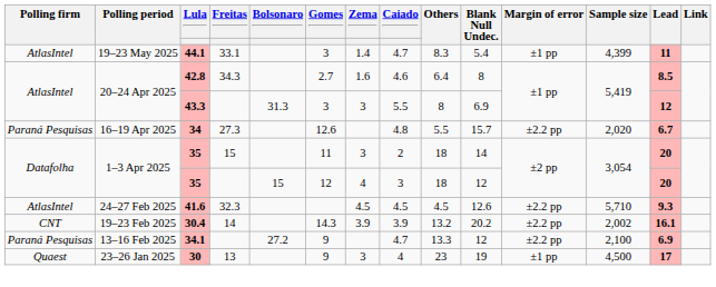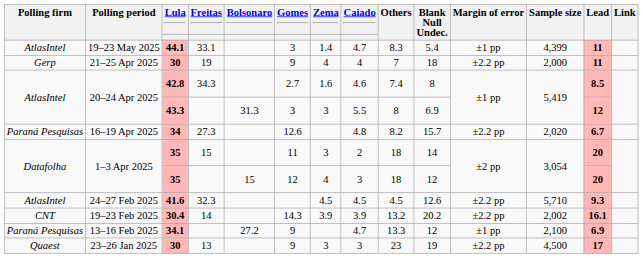 <table class="wikitable" style="text-align:center;font-size:90%;line-height:14px">
 <tr valign=top>
 <th rowspan="2">Polling firm</th>
 <th rowspan="2">Polling period</th>
 <th><a href='#'>Lula</a><hr></th>
 <th><a href='#'>Freitas</a><hr></th>
 <th><a href='#'>Bolsonaro</a><hr></th>
 <th><a href='#'>Gomes</a><hr></th>
 <th><a href='#'>Zema</a><hr></th>
 <th><a href='#'>Caiado</a><hr></th>
 <th rowspan="2">Others<br></th>
 <th rowspan="2">Blank<br>Null<br>Undec.<br></th>
 <th rowspan="2">Margin of error<br></th>
 <th rowspan="2">Sample size</th>
 <th rowspan="2">Lead</th>
 <th rowspan="2">Link</th>
 </tr>
 <tr>
 <th style=background:></th>
 <th style="background:"></th>
 <th style="background:"></th>
 <th style=background:></th>
 <th style=background:></th>
 <th style="background:"></th>
 </tr>
 <tr>
 <td><em>AtlasIntel</em></td>
 <td>19–23 May 2025</td>
 <td style="background:#ffb7b7;font-weight:bold">44.1</td>
 <td>33.1</td>
 <td></td>
 <td>3</td>
 <td>1.4</td>
 <td>4.7</td>
 <td>8.3</td>
 <td>5.4</td>
 <td>±1 pp</td>
 <td>4,399</td>
 <td style="background:#ffb7b7;font-weight:bold">11</td>
 <td></td>
 </tr>
 <tr>
+<td><em>Gerp</em></td>
+<td>21–25 Apr 2025</td>
+<td style="background:#ffb7b7;font-weight:bold">30</td>
+<td>19</td>
+<td></td>
+<td>9</td>
+<td>4</td>
+<td>4</td>
+<td>7</td>
+<td>18</td>
+<td>±2.2 pp</td>
+<td>2,000</td>
+<td style="background:#ffb7b7;font-weight:bold">11</td>
+<td></td>
+</tr>
+<tr>
 <td rowspan="2"><em>AtlasIntel</em></td>
 <td rowspan="2">20–24 Apr 2025</td>
 <td style="background:#ffb7b7;font-weight:bold">42.8</td>
 <td style="height:30px">34.3</td>
 <td></td>
 <td>2.7</td>
 <td>1.6</td>
 <td>4.6</td>
-<td>6.4</td>
+<td>7.4</td>
 <td>8</td>
 <td rowspan="2">±1 pp</td>
 <td rowspan="2">5,419</td>
 <td style="background:#ffb7b7;font-weight:bold">8.5</td>
 <td rowspan="2"></td>
 </tr>
 <tr>
 <td style="background:#ffb7b7;font-weight:bold">43.3</td>
 <td></td>
 <td style="height:30px">31.3</td>
 <td>3</td>
 <td>3</td>
 <td>5.5</td>
 <td>8</td>
 <td>6.9</td>
 <td style="background:#ffb7b7;font-weight:bold">12</td>
 </tr>
 <tr>
 <td><em>Paraná Pesquisas</em></td>
 <td>16–19 Apr 2025</td>
 <td style="background:#ffb7b7;font-weight:bold">34</td>
 <td>27.3</td>
 <td></td>
 <td>12.6</td>
 <td></td>
 <td>4.8</td>
-<td>5.5</td>
+<td>8.2</td>
 <td>15.7</td>
 <td>±2.2 pp</td>
 <td>2,020</td>
 <td style="background:#ffb7b7;font-weight:bold">6.7</td>
 <td></td>
 </tr>
 <tr>
 <td rowspan="2"><em>Datafolha</em></td>
 <td rowspan="2">1–3 Apr 2025</td>
 <td style="background:#ffb7b7;font-weight:bold">35</td>
 <td style="height:30px">15</td>
 <td></td>
 <td>11</td>
 <td>3</td>
 <td>2</td>
 <td>18</td>
 <td>14</td>
 <td rowspan="2">±2 pp</td>
 <td rowspan="2">3,054</td>
 <td style="background:#ffb7b7;font-weight:bold">20</td>
 <td rowspan="2"></td>
 </tr>
 <tr>
 <td style="background:#ffb7b7;font-weight:bold">35</td>
 <td></td>
 <td style="height:30px">15</td>
 <td>12</td>
 <td>4</td>
 <td>3</td>
 <td>18</td>
 <td>12</td>
 <td style="background:#ffb7b7;font-weight:bold">20</td>
 </tr>
 <tr>
 <td><em>AtlasIntel</em></td>
 <td>24–27 Feb 2025</td>
 <td style="background:#ffb7b7;font-weight:bold">41.6</td>
 <td>32.3</td>
 <td></td>
 <td></td>
 <td>4.5</td>
 <td>4.5</td>
 <td>4.5</td>
 <td>12.6</td>
 <td>±2.2 pp</td>
 <td>5,710</td>
 <td style="background:#ffb7b7;font-weight:bold">9.3</td>
 <td></td>
 </tr>
 <tr>
 <td rowspan="1"><em>CNT</em></td>
 <td rowspan="1">19–23 Feb 2025</td>
 <td style="background:#ffb7b7;font-weight:bold">30.4</td>
 <td>14</td>
 <td></td>
 <td>14.3</td>
 <td>3.9</td>
 <td>3.9</td>
 <td>13.2</td>
 <td>20.2</td>
 <td>±2.2 pp</td>
 <td rowspan="1">2,002</td>
 <td style="background:#ffb7b7;font-weight:bold">16.1</td>
 <td rowspan="1"></td>
 </tr>
 <tr>
 <td rowspan="1"><em>Paraná Pesquisas</em></td>
 <td rowspan="1">13–16 Feb 2025</td>
 <td style="background:#ffb7b7;font-weight:bold">34.1</td>
 <td></td>
 <td>27.2</td>
 <td>9</td>
 <td></td>
 <td>4.7</td>
 <td>13.3</td>
 <td>12</td>
-<td>±2.2 pp</td>
+<td>±1 pp</td>
 <td rowspan="1">2,100</td>
 <td style="background:#ffb7b7;font-weight:bold">6.9</td>
 <td rowspan="1"></td>
 </tr>
 <tr>
 <td rowspan="1"><em>Quaest</em></td>
 <td rowspan="1">23–26 Jan 2025</td>
 <td style="background:#ffb7b7;font-weight:bold">30</td>
 <td>13</td>
 <td></td>
 <td>9</td>
 <td>3</td>
-<td>4</td>
+<td>3</td>
 <td>23</td>
 <td>19</td>
-<td>±1 pp</td>
+<td>±2.2 pp</td>
 <td rowspan="1">4,500</td>
 <td style="background:#ffb7b7;font-weight:bold">17</td>
 <td rowspan="1"></td>
 </tr>
 </table>
